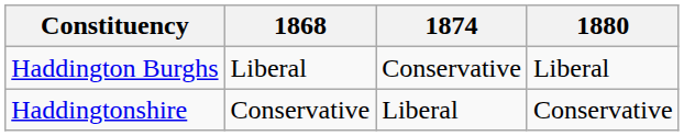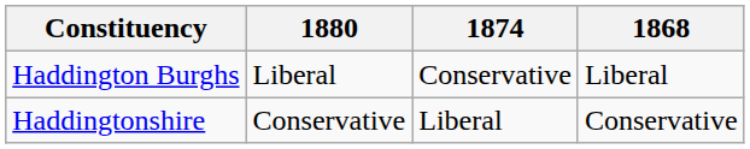 <table class="wikitable">
 <tr>
 <th>Constituency</th>
+<th>1880</th>
+<th>1874</th>
 <th>1868</th>
-<th>1874</th>
-<th>1880</th>
 </tr>
 <tr>
 <td><a href='#'>Haddington Burghs</a></td>
 <td>Liberal</td>
 <td>Conservative</td>
 <td>Liberal</td>
 </tr>
 <tr>
 <td><a href='#'>Haddingtonshire</a></td>
 <td>Conservative</td>
 <td>Liberal</td>
 <td>Conservative</td>
 </tr>
 </table>
